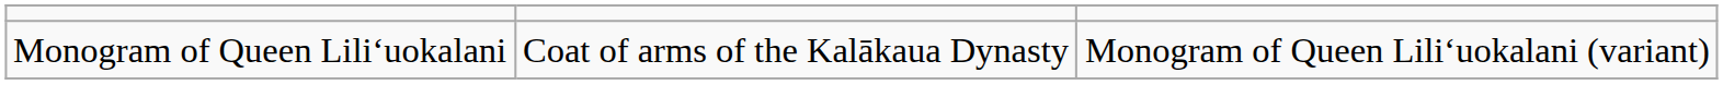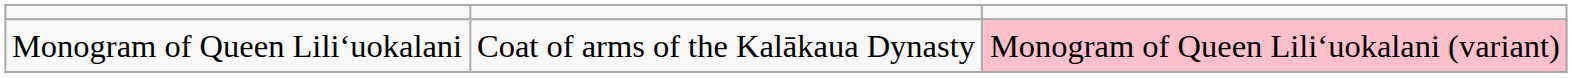 <table class="wikitable" style="margin:1em auto; text-align:center;">
 <tr>
 <td></td>
 <td></td>
 <td></td>
 </tr>
 <tr>
 <td>Monogram of Queen Liliʻuokalani</td>
 <td>Coat of arms of the Kalākaua Dynasty</td>
-<td>Monogram of Queen Liliʻuokalani (variant)</td>
+<td style="background: pink;">Monogram of Queen Liliʻuokalani (variant)</td>
 </tr>
 </table>
